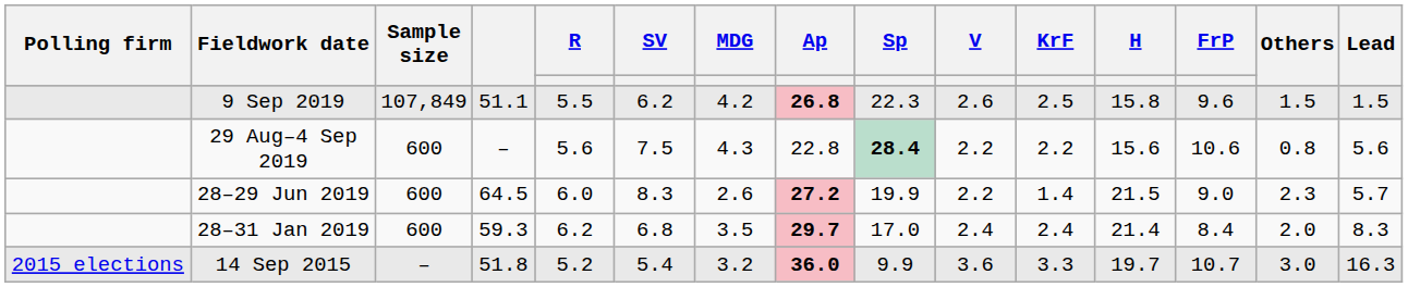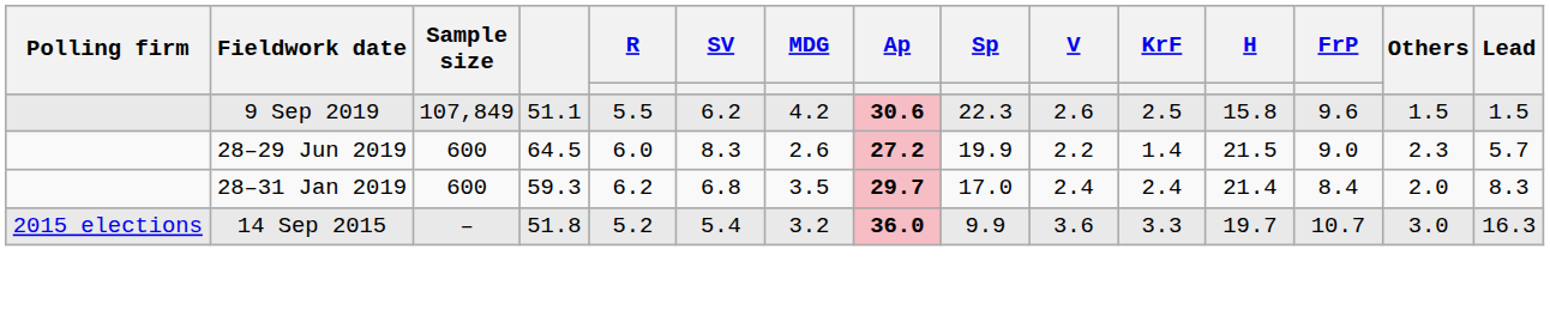 <table class="wikitable sortable" style="text-align:center;font-size:90%;line-height:14px;">
 <tr style="height:40px;">
 <th style="width:100px;" rowspan="2">Polling firm</th>
 <th style="width:100px;" rowspan="2">Fieldwork date</th>
 <th style="width:35px;" rowspan="2">Sample<br>size</th>
 <th style="width:30px;" rowspan="2"></th>
 <th class="unsortable" style="width:40px;"><a href='#'>R</a></th>
 <th class="unsortable" style="width:40px;"><a href='#'>SV</a></th>
 <th class="unsortable" style="width:40px;"><a href='#'>MDG</a></th>
 <th class="unsortable" style="width:40px;"><a href='#'>Ap</a></th>
 <th class="unsortable" style="width:40px;"><a href='#'>Sp</a></th>
 <th class="unsortable" style="width:40px;"><a href='#'>V</a></th>
 <th class="unsortable" style="width:40px;"><a href='#'>KrF</a></th>
 <th class="unsortable" style="width:40px;"><a href='#'>H</a></th>
 <th class="unsortable" style="width:40px;"><a href='#'>FrP</a></th>
 <th class="unsortable" style="width:30px;" rowspan="2">Others</th>
 <th style="width:30px;" rowspan="2">Lead</th>
 </tr>
 <tr>
 <th style="background:"></th>
 <th style="background:"></th>
 <th style="background:"></th>
 <th style="background:"></th>
 <th style="background:"></th>
 <th style="background:"></th>
 <th style="background:"></th>
 <th style="background:"></th>
 <th style="background:"></th>
 </tr>
 <tr style="background:#E9E9E9;">
 <td></td>
 <td data-sort-value="2019-09-09">9 Sep 2019</td>
 <td>107,849</td>
 <td>51.1</td>
 <td>5.5</td>
 <td>6.2</td>
 <td>4.2</td>
-<td style="background:#F7BDC5;"><strong>26.8</strong></td>
+<td style="background:#F7BDC5;"><strong>30.6</strong></td>
 <td>22.3</td>
 <td>2.6</td>
 <td>2.5</td>
 <td>15.8</td>
 <td>9.6</td>
 <td>1.5</td>
 <td style="background:">1.5</td>
-</tr>
-<tr>
-<td></td>
-<td data-sort-value="2019-09-06">29 Aug–4 Sep 2019</td>
-<td>600</td>
-<td>–</td>
-<td>5.6</td>
-<td>7.5</td>
-<td>4.3</td>
-<td>22.8</td>
-<td style="background:#BADECC;"><strong>28.4</strong></td>
-<td>2.2</td>
-<td>2.2</td>
-<td>15.6</td>
-<td>10.6</td>
-<td>0.8</td>
-<td style="background:">5.6</td>
 </tr>
 <tr>
 <td></td>
 <td data-sort-value="2019-06-29">28–29 Jun 2019</td>
 <td>600</td>
 <td>64.5</td>
 <td>6.0</td>
 <td>8.3</td>
 <td>2.6</td>
 <td style="background:#F7BDC5;"><strong>27.2</strong></td>
 <td>19.9</td>
 <td>2.2</td>
 <td>1.4</td>
 <td>21.5</td>
 <td>9.0</td>
 <td>2.3</td>
 <td style="background:">5.7</td>
 </tr>
 <tr>
 <td></td>
 <td data-sort-value="2019-01-31">28–31 Jan 2019</td>
 <td>600</td>
 <td>59.3</td>
 <td>6.2</td>
 <td>6.8</td>
 <td>3.5</td>
 <td style="background:#F7BDC5;"><strong>29.7</strong></td>
 <td>17.0</td>
 <td>2.4</td>
 <td>2.4</td>
 <td>21.4</td>
 <td>8.4</td>
 <td>2.0</td>
 <td style="background:">8.3</td>
 </tr>
 <tr style="background:#E9E9E9;">
 <td><a href='#'>2015 elections</a></td>
 <td data-sort-value="2015-09-14">14 Sep 2015</td>
 <td>–</td>
 <td>51.8</td>
 <td>5.2</td>
 <td>5.4</td>
 <td>3.2</td>
 <td style="background:#F7BDC5;"><strong>36.0</strong></td>
 <td>9.9</td>
 <td>3.6</td>
 <td>3.3</td>
 <td>19.7</td>
 <td>10.7</td>
 <td>3.0</td>
 <td style="background:">16.3</td>
 </tr>
 </table>
